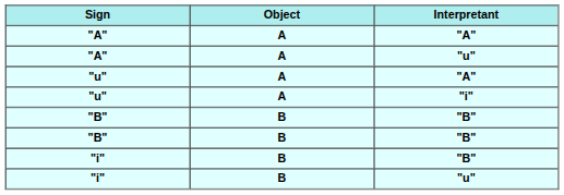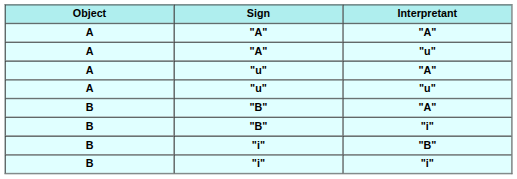 <table align="center" border="1" cellpadding="4" cellspacing="0" style="background:lightcyan; font-weight:bold; text-align:center; width:60%">
 <tr style="background:paleturquoise">
+<th style="width:20%">Object</th>
 <th style="width:20%">Sign</th>
-<th style="width:20%">Object</th>
 <th style="width:20%">Interpretant</th>
 </tr>
 <tr>
+<td><strong>A</strong></td>
 <td><strong>"A"</strong></td>
-<td><strong>A</strong></td>
 <td><strong>"A"</strong></td>
 </tr>
 <tr>
+<td><strong>A</strong></td>
 <td><strong>"A"</strong></td>
-<td><strong>A</strong></td>
 <td><strong>"u"</strong></td>
 </tr>
 <tr>
+<td><strong>A</strong></td>
 <td><strong>"u"</strong></td>
-<td><strong>A</strong></td>
 <td><strong>"A"</strong></td>
 </tr>
 <tr>
+<td><strong>A</strong></td>
 <td><strong>"u"</strong></td>
-<td><strong>A</strong></td>
+<td><strong>"u"</strong></td>
+</tr>
+<tr>
+<td><strong>B</strong></td>
+<td><strong>"B"</strong></td>
+<td><strong>"A"</strong></td>
+</tr>
+<tr>
+<td><strong>B</strong></td>
+<td><strong>"B"</strong></td>
 <td><strong>"i"</strong></td>
 </tr>
 <tr>
-<td><strong>"B"</strong></td>
 <td><strong>B</strong></td>
+<td><strong>"i"</strong></td>
 <td><strong>"B"</strong></td>
 </tr>
 <tr>
-<td><strong>"B"</strong></td>
 <td><strong>B</strong></td>
-<td><strong>"B"</strong></td>
-</tr>
-<tr>
 <td><strong>"i"</strong></td>
-<td><strong>B</strong></td>
-<td><strong>"B"</strong></td>
-</tr>
-<tr>
 <td><strong>"i"</strong></td>
-<td><strong>B</strong></td>
-<td><strong>"u"</strong></td>
 </tr>
 </table>
